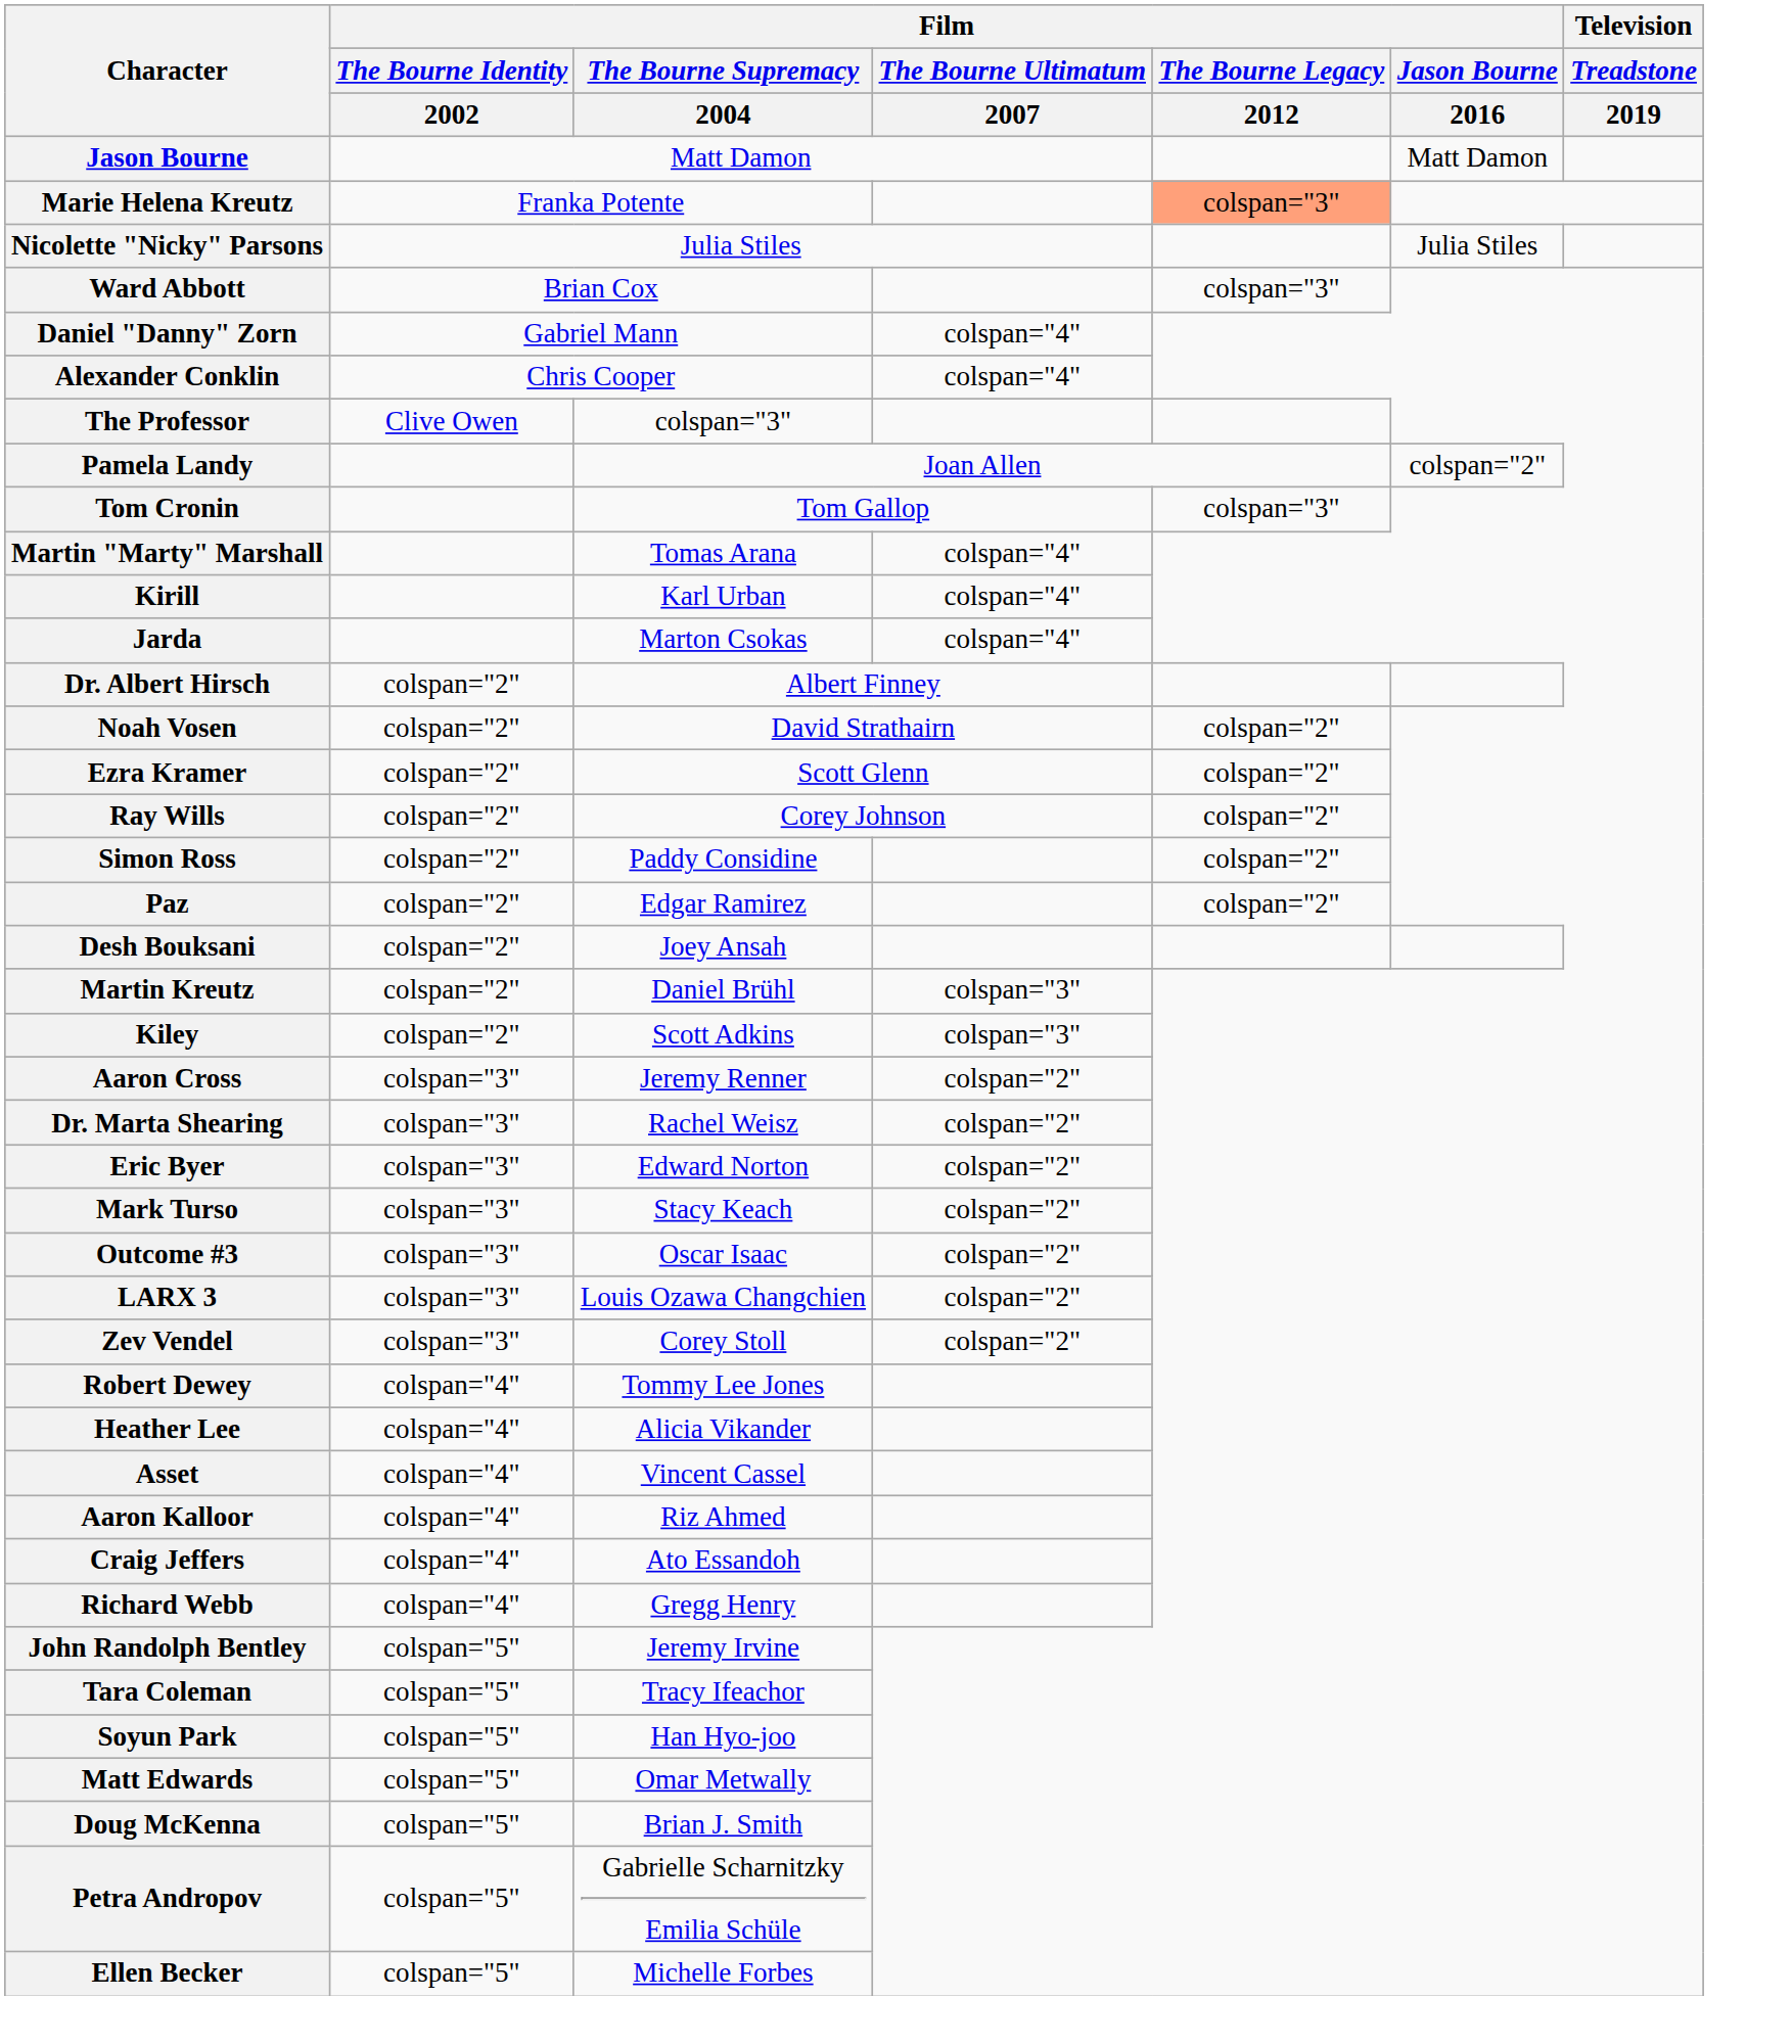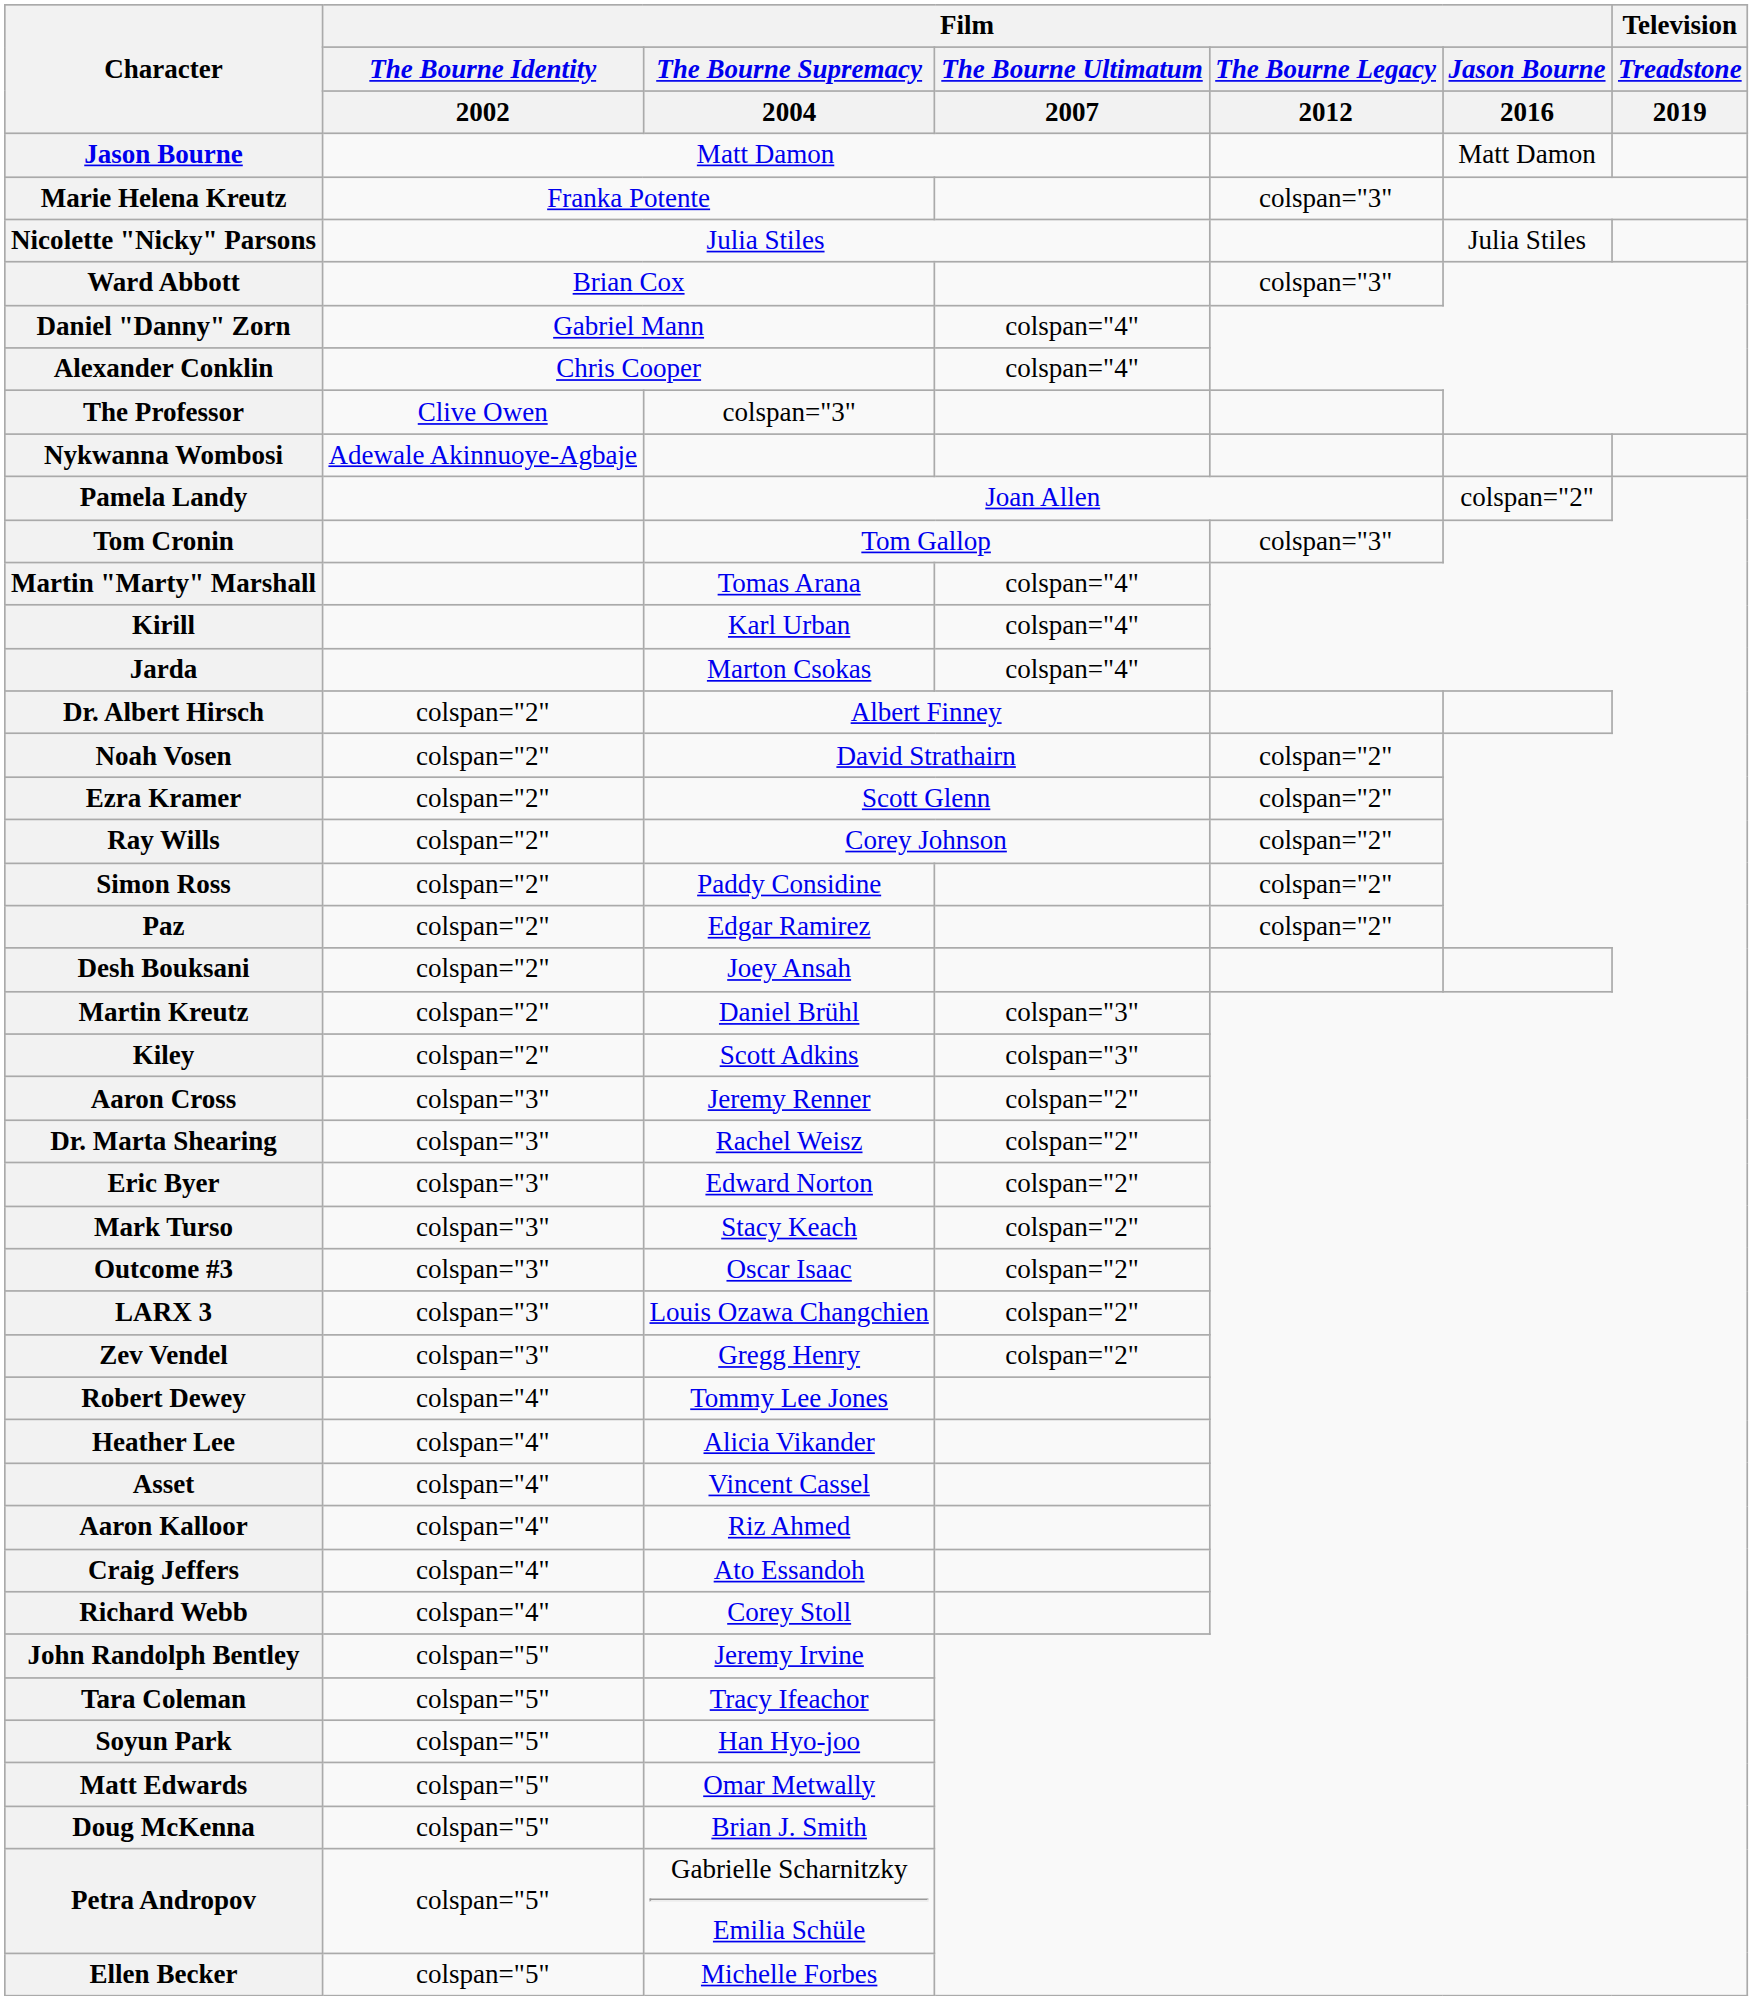 <table class="wikitable" style="text-align:center;">
 <tr>
 <th rowspan="3">Character</th>
 <th colspan="5">Film</th>
 <th>Television</th>
 </tr>
 <tr>
 <th align="center"><em><a href='#'>The Bourne Identity</a></em></th>
 <th align="center"><em><a href='#'>The Bourne Supremacy</a></em></th>
 <th align="center"><em><a href='#'>The Bourne Ultimatum</a></em></th>
 <th align="center"><em><a href='#'>The Bourne Legacy</a></em></th>
 <th align="center"><em><a href='#'>Jason Bourne</a></em></th>
 <th align="center"><em><a href='#'>Treadstone</a></em></th>
 </tr>
 <tr>
 <th>2002</th>
 <th>2004</th>
 <th>2007</th>
 <th>2012</th>
 <th>2016</th>
 <th>2019</th>
 </tr>
 <tr>
 <th><a href='#'>Jason Bourne <br></a></th>
 <td colspan="3"><a href='#'>Matt Damon</a></td>
 <td></td>
 <td>Matt Damon</td>
 <td></td>
 </tr>
 <tr>
 <th>Marie Helena Kreutz</th>
 <td colspan="2"><a href='#'>Franka Potente</a></td>
 <td></td>
-<td style="background: lightsalmon;">colspan="3" </td>
+<td>colspan="3" </td>
 </tr>
 <tr>
 <th>Nicolette "Nicky" Parsons</th>
 <td colspan="3"><a href='#'>Julia Stiles</a></td>
 <td></td>
 <td>Julia Stiles</td>
 <td></td>
 </tr>
 <tr>
 <th>Ward Abbott</th>
 <td colspan="2"><a href='#'>Brian Cox</a></td>
 <td></td>
 <td>colspan="3" </td>
 </tr>
 <tr>
 <th>Daniel "Danny" Zorn</th>
 <td colspan="2"><a href='#'>Gabriel Mann</a></td>
 <td>colspan="4" </td>
 </tr>
 <tr>
 <th>Alexander Conklin</th>
 <td colspan="2"><a href='#'>Chris Cooper</a></td>
 <td>colspan="4" </td>
 </tr>
 <tr>
 <th>The Professor</th>
 <td><a href='#'>Clive Owen</a></td>
 <td>colspan="3" </td>
+<td></td>
+<td></td>
+</tr>
+<tr>
+<th>Nykwanna Wombosi</th>
+<td><a href='#'>Adewale Akinnuoye-Agbaje</a></td>
+<td></td>
+<td></td>
+<td></td>
 <td></td>
 <td></td>
 </tr>
 <tr>
 <th>Pamela Landy</th>
 <td></td>
 <td colspan="3"><a href='#'>Joan Allen</a></td>
 <td>colspan="2" </td>
 </tr>
 <tr>
 <th>Tom Cronin</th>
 <td></td>
 <td colspan="2"><a href='#'>Tom Gallop</a></td>
 <td>colspan="3" </td>
 </tr>
 <tr>
 <th>Martin "Marty" Marshall</th>
 <td></td>
 <td><a href='#'>Tomas Arana</a></td>
 <td>colspan="4" </td>
 </tr>
 <tr>
 <th>Kirill</th>
 <td></td>
 <td><a href='#'>Karl Urban</a></td>
 <td>colspan="4" </td>
 </tr>
 <tr>
 <th>Jarda</th>
 <td></td>
 <td><a href='#'>Marton Csokas</a></td>
 <td>colspan="4" </td>
 </tr>
 <tr>
 <th>Dr. Albert Hirsch</th>
 <td>colspan="2" </td>
 <td colspan="2"><a href='#'>Albert Finney</a></td>
 <td></td>
 <td></td>
 </tr>
 <tr>
 <th>Noah Vosen</th>
 <td>colspan="2" </td>
 <td colspan="2"><a href='#'>David Strathairn</a></td>
 <td>colspan="2" </td>
 </tr>
 <tr>
 <th>Ezra Kramer</th>
 <td>colspan="2" </td>
 <td colspan="2"><a href='#'>Scott Glenn</a></td>
 <td>colspan="2" </td>
 </tr>
 <tr>
 <th>Ray Wills</th>
 <td>colspan="2" </td>
 <td colspan="2"><a href='#'>Corey Johnson</a></td>
 <td>colspan="2" </td>
 </tr>
 <tr>
 <th>Simon Ross</th>
 <td>colspan="2" </td>
 <td><a href='#'>Paddy Considine</a></td>
 <td></td>
 <td>colspan="2" </td>
 </tr>
 <tr>
 <th>Paz</th>
 <td>colspan="2" </td>
 <td><a href='#'>Edgar Ramirez</a></td>
 <td></td>
 <td>colspan="2" </td>
 </tr>
 <tr>
 <th>Desh Bouksani</th>
 <td>colspan="2" </td>
 <td><a href='#'>Joey Ansah</a></td>
 <td></td>
 <td></td>
 <td></td>
 </tr>
 <tr>
 <th>Martin Kreutz</th>
 <td>colspan="2" </td>
 <td><a href='#'>Daniel Brühl</a></td>
 <td>colspan="3" </td>
 </tr>
 <tr>
 <th>Kiley</th>
 <td>colspan="2" </td>
 <td><a href='#'>Scott Adkins</a></td>
 <td>colspan="3" </td>
 </tr>
 <tr>
 <th>Aaron Cross</th>
 <td>colspan="3" </td>
 <td><a href='#'>Jeremy Renner</a></td>
 <td>colspan="2" </td>
 </tr>
 <tr>
 <th>Dr. Marta Shearing</th>
 <td>colspan="3" </td>
 <td><a href='#'>Rachel Weisz</a></td>
 <td>colspan="2" </td>
 </tr>
 <tr>
 <th>Eric Byer</th>
 <td>colspan="3" </td>
 <td><a href='#'>Edward Norton</a></td>
 <td>colspan="2" </td>
 </tr>
 <tr>
 <th>Mark Turso</th>
 <td>colspan="3" </td>
 <td><a href='#'>Stacy Keach</a></td>
 <td>colspan="2" </td>
 </tr>
 <tr>
 <th>Outcome #3</th>
 <td>colspan="3" </td>
 <td><a href='#'>Oscar Isaac</a></td>
 <td>colspan="2" </td>
 </tr>
 <tr>
 <th>LARX 3</th>
 <td>colspan="3" </td>
 <td><a href='#'>Louis Ozawa Changchien</a></td>
 <td>colspan="2" </td>
 </tr>
 <tr>
 <th>Zev Vendel</th>
 <td>colspan="3" </td>
-<td><a href='#'>Corey Stoll</a></td>
+<td><a href='#'>Gregg Henry</a></td>
 <td>colspan="2" </td>
 </tr>
 <tr>
 <th>Robert Dewey</th>
 <td>colspan="4" </td>
 <td><a href='#'>Tommy Lee Jones</a></td>
 <td></td>
 </tr>
 <tr>
 <th>Heather Lee</th>
 <td>colspan="4" </td>
 <td><a href='#'>Alicia Vikander</a></td>
 <td></td>
 </tr>
 <tr>
 <th>Asset</th>
 <td>colspan="4" </td>
 <td><a href='#'>Vincent Cassel</a></td>
 <td></td>
 </tr>
 <tr>
 <th>Aaron Kalloor</th>
 <td>colspan="4" </td>
 <td><a href='#'>Riz Ahmed</a></td>
 <td></td>
 </tr>
 <tr>
 <th>Craig Jeffers</th>
 <td>colspan="4" </td>
 <td><a href='#'>Ato Essandoh</a></td>
 <td></td>
 </tr>
 <tr>
 <th>Richard Webb</th>
 <td>colspan="4" </td>
-<td><a href='#'>Gregg Henry</a></td>
+<td><a href='#'>Corey Stoll</a></td>
 <td></td>
 </tr>
 <tr>
 <th>John Randolph Bentley</th>
 <td>colspan="5" </td>
 <td><a href='#'>Jeremy Irvine</a></td>
 </tr>
 <tr>
 <th>Tara Coleman</th>
 <td>colspan="5" </td>
 <td><a href='#'>Tracy Ifeachor</a></td>
 </tr>
 <tr>
 <th>Soyun Park</th>
 <td>colspan="5" </td>
 <td><a href='#'>Han Hyo-joo</a></td>
 </tr>
 <tr>
 <th>Matt Edwards</th>
 <td>colspan="5" </td>
 <td><a href='#'>Omar Metwally</a></td>
 </tr>
 <tr>
 <th>Doug McKenna</th>
 <td>colspan="5" </td>
 <td><a href='#'>Brian J. Smith</a></td>
 </tr>
 <tr>
 <th>Petra Andropov</th>
 <td>colspan="5" </td>
 <td>Gabrielle Scharnitzky<hr><a href='#'>Emilia Schüle</a></td>
 </tr>
 <tr>
 <th>Ellen Becker</th>
 <td>colspan="5" </td>
 <td><a href='#'>Michelle Forbes</a></td>
 </tr>
 </table>
